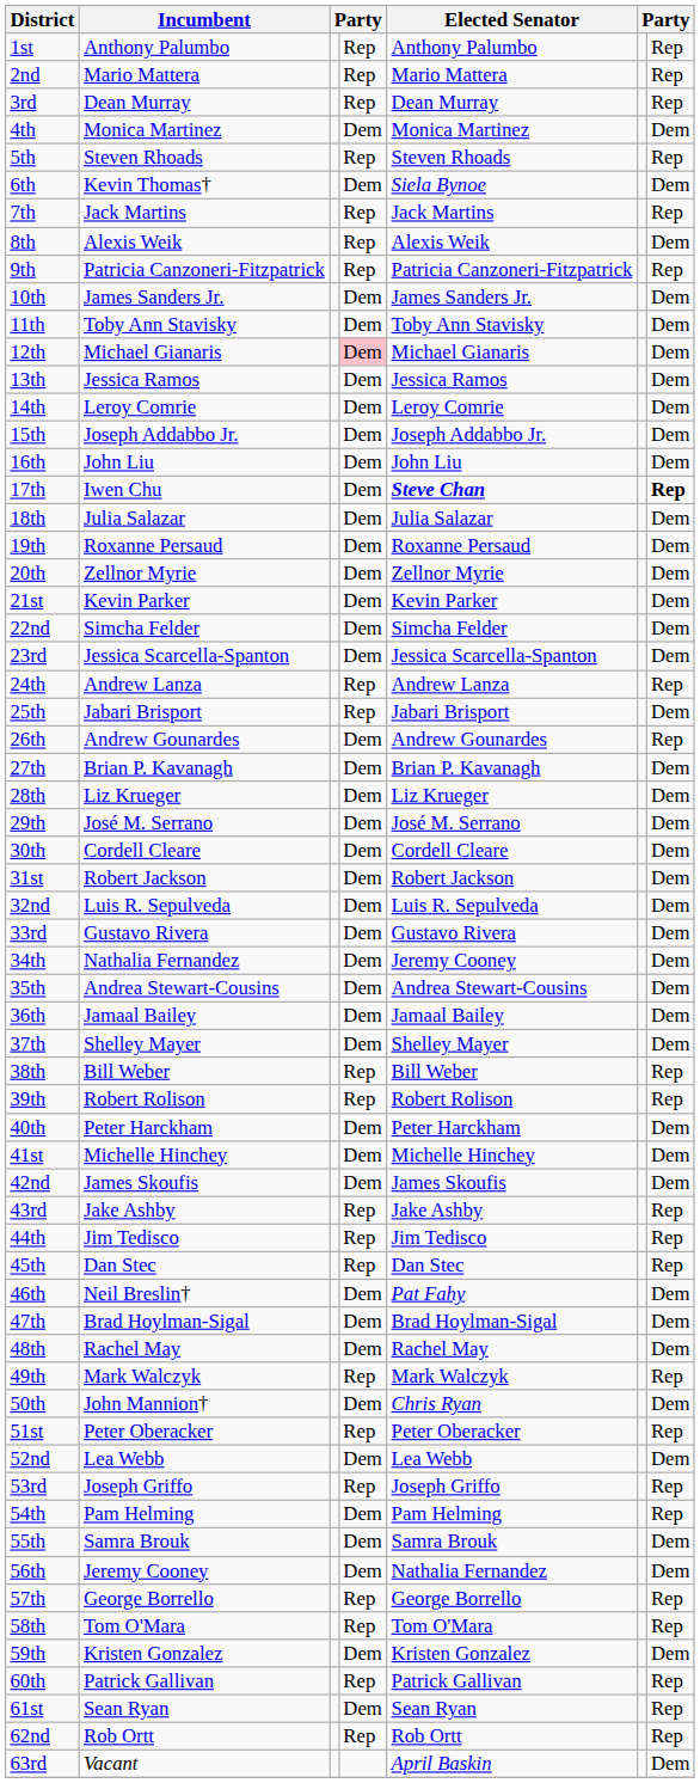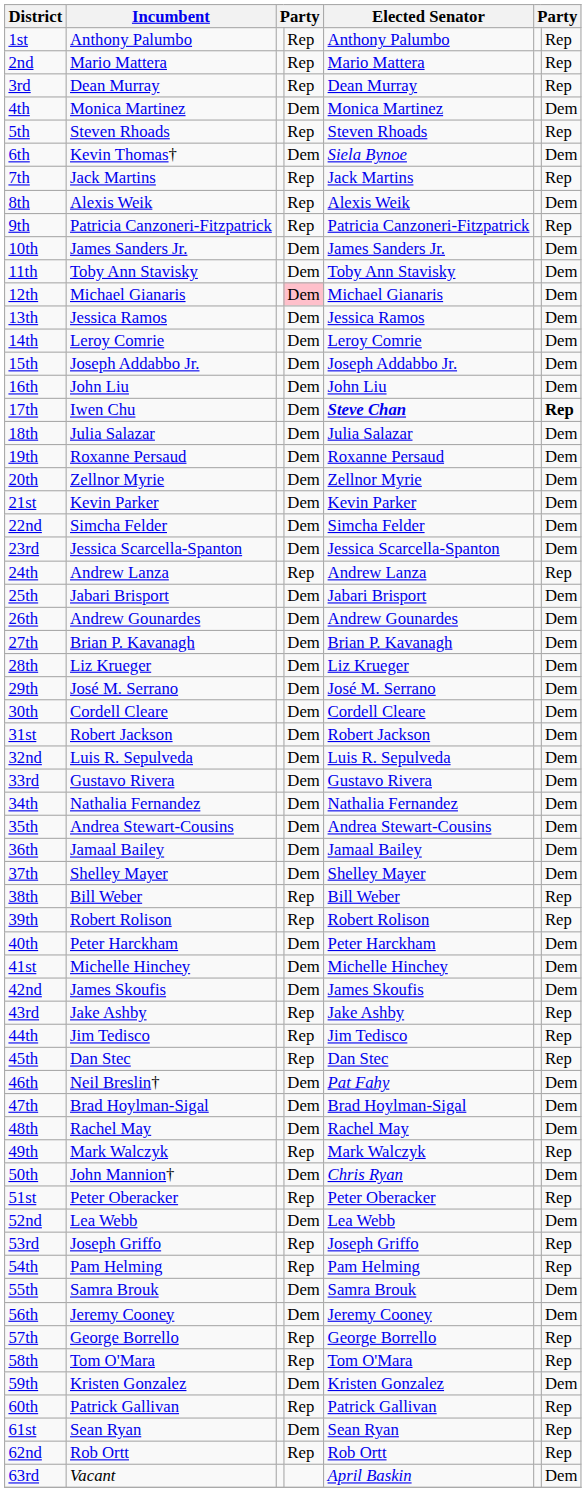 <table class="sortable wikitable" style="font-size:95%;line-height:14px;">
 <tr>
 <th>District</th>
 <th class="unsortable"><a href='#'>Incumbent</a></th>
 <th colspan="2">Party</th>
 <th class="unsortable">Elected Senator</th>
 <th colspan="2">Party</th>
 </tr>
 <tr>
 <td><a href='#'>1st</a></td>
 <td><a href='#'>Anthony Palumbo</a></td>
 <td style="background:"></td>
 <td>Rep</td>
 <td><a href='#'>Anthony Palumbo</a></td>
 <td style="background:"></td>
 <td>Rep</td>
 </tr>
 <tr>
 <td><a href='#'>2nd</a></td>
 <td><a href='#'>Mario Mattera</a></td>
 <td style="background:"></td>
 <td>Rep</td>
 <td><a href='#'>Mario Mattera</a></td>
 <td style="background:"></td>
 <td>Rep</td>
 </tr>
 <tr>
 <td><a href='#'>3rd</a></td>
 <td><a href='#'>Dean Murray</a></td>
 <td style="background:"></td>
 <td>Rep</td>
 <td><a href='#'>Dean Murray</a></td>
 <td style="background:"></td>
 <td>Rep</td>
 </tr>
 <tr>
 <td><a href='#'>4th</a></td>
 <td><a href='#'>Monica Martinez</a></td>
 <td style="background:"></td>
 <td>Dem</td>
 <td><a href='#'>Monica Martinez</a></td>
 <td style="background:"></td>
 <td>Dem</td>
 </tr>
 <tr>
 <td><a href='#'>5th</a></td>
 <td><a href='#'>Steven Rhoads</a></td>
 <td style="background:"></td>
 <td>Rep</td>
 <td><a href='#'>Steven Rhoads</a></td>
 <td style="background:"></td>
 <td>Rep</td>
 </tr>
 <tr>
 <td><a href='#'>6th</a></td>
 <td><a href='#'>Kevin Thomas</a>†</td>
 <td style="background:"></td>
 <td>Dem</td>
 <td><em><a href='#'>Siela Bynoe</a></em></td>
 <td style="background:"></td>
 <td>Dem</td>
 </tr>
 <tr>
 <td><a href='#'>7th</a></td>
 <td><a href='#'>Jack Martins</a></td>
 <td style="background:"></td>
 <td>Rep</td>
 <td><a href='#'>Jack Martins</a></td>
 <td style="background:"></td>
 <td>Rep</td>
 </tr>
 <tr>
 <td><a href='#'>8th</a></td>
 <td><a href='#'>Alexis Weik</a></td>
 <td style="background:"></td>
 <td>Rep</td>
 <td><a href='#'>Alexis Weik</a></td>
 <td style="background:"></td>
 <td>Dem</td>
 </tr>
 <tr>
 <td><a href='#'>9th</a></td>
 <td><a href='#'>Patricia Canzoneri-Fitzpatrick</a></td>
 <td style="background:"></td>
 <td>Rep</td>
 <td><a href='#'>Patricia Canzoneri-Fitzpatrick</a></td>
 <td style="background:"></td>
 <td>Rep</td>
 </tr>
 <tr>
 <td><a href='#'>10th</a></td>
 <td><a href='#'>James Sanders Jr.</a></td>
 <td style="background:"></td>
 <td>Dem</td>
 <td><a href='#'>James Sanders Jr.</a></td>
 <td style="background:"></td>
 <td>Dem</td>
 </tr>
 <tr>
 <td><a href='#'>11th</a></td>
 <td><a href='#'>Toby Ann Stavisky</a></td>
 <td style="background:"></td>
 <td>Dem</td>
 <td><a href='#'>Toby Ann Stavisky</a></td>
 <td style="background:"></td>
 <td>Dem</td>
 </tr>
 <tr>
 <td><a href='#'>12th</a></td>
 <td><a href='#'>Michael Gianaris</a></td>
 <td style="background:"></td>
 <td style="background: pink;">Dem</td>
 <td><a href='#'>Michael Gianaris</a></td>
 <td style="background:"></td>
 <td>Dem</td>
 </tr>
 <tr>
 <td><a href='#'>13th</a></td>
 <td><a href='#'>Jessica Ramos</a></td>
 <td style="background:"></td>
 <td>Dem</td>
 <td><a href='#'>Jessica Ramos</a></td>
 <td style="background:"></td>
 <td>Dem</td>
 </tr>
 <tr>
 <td><a href='#'>14th</a></td>
 <td><a href='#'>Leroy Comrie</a></td>
 <td style="background:"></td>
 <td>Dem</td>
 <td><a href='#'>Leroy Comrie</a></td>
 <td style="background:"></td>
 <td>Dem</td>
 </tr>
 <tr>
 <td><a href='#'>15th</a></td>
 <td><a href='#'>Joseph Addabbo Jr.</a></td>
 <td style="background:"></td>
 <td>Dem</td>
 <td><a href='#'>Joseph Addabbo Jr.</a></td>
 <td style="background:"></td>
 <td>Dem</td>
 </tr>
 <tr>
 <td><a href='#'>16th</a></td>
 <td><a href='#'>John Liu</a></td>
 <td style="background:"></td>
 <td>Dem</td>
 <td><a href='#'>John Liu</a></td>
 <td style="background:"></td>
 <td>Dem</td>
 </tr>
 <tr>
 <td><a href='#'>17th</a></td>
 <td><a href='#'>Iwen Chu</a></td>
 <td style="background:"></td>
 <td>Dem</td>
 <td><strong><em><a href='#'>Steve Chan</a></em></strong></td>
 <td style="background:"></td>
 <td><strong>Rep</strong></td>
 </tr>
 <tr>
 <td><a href='#'>18th</a></td>
 <td><a href='#'>Julia Salazar</a></td>
 <td style="background:"></td>
 <td>Dem</td>
 <td><a href='#'>Julia Salazar</a></td>
 <td style="background:"></td>
 <td>Dem</td>
 </tr>
 <tr>
 <td><a href='#'>19th</a></td>
 <td><a href='#'>Roxanne Persaud</a></td>
 <td style="background:"></td>
 <td>Dem</td>
 <td><a href='#'>Roxanne Persaud</a></td>
 <td style="background:"></td>
 <td>Dem</td>
 </tr>
 <tr>
 <td><a href='#'>20th</a></td>
 <td><a href='#'>Zellnor Myrie</a></td>
 <td style="background:"></td>
 <td>Dem</td>
 <td><a href='#'>Zellnor Myrie</a></td>
 <td style="background:"></td>
 <td>Dem</td>
 </tr>
 <tr>
 <td><a href='#'>21st</a></td>
 <td><a href='#'>Kevin Parker</a></td>
 <td style="background:"></td>
 <td>Dem</td>
 <td><a href='#'>Kevin Parker</a></td>
 <td style="background:"></td>
 <td>Dem</td>
 </tr>
 <tr>
 <td><a href='#'>22nd</a></td>
 <td><a href='#'>Simcha Felder</a></td>
 <td style="background:"></td>
 <td>Dem</td>
 <td><a href='#'>Simcha Felder</a></td>
 <td style="background:"></td>
 <td>Dem</td>
 </tr>
 <tr>
 <td><a href='#'>23rd</a></td>
 <td><a href='#'>Jessica Scarcella-Spanton</a></td>
 <td style="background:"></td>
 <td>Dem</td>
 <td><a href='#'>Jessica Scarcella-Spanton</a></td>
 <td style="background:"></td>
 <td>Dem</td>
 </tr>
 <tr>
 <td><a href='#'>24th</a></td>
 <td><a href='#'>Andrew Lanza</a></td>
 <td style="background:"></td>
 <td>Rep</td>
 <td><a href='#'>Andrew Lanza</a></td>
 <td style="background:"></td>
 <td>Rep</td>
 </tr>
 <tr>
 <td><a href='#'>25th</a></td>
 <td><a href='#'>Jabari Brisport</a></td>
 <td style="background:"></td>
-<td>Rep</td>
+<td>Dem</td>
 <td><a href='#'>Jabari Brisport</a></td>
 <td style="background:"></td>
 <td>Dem</td>
 </tr>
 <tr>
 <td><a href='#'>26th</a></td>
 <td><a href='#'>Andrew Gounardes</a></td>
 <td style="background:"></td>
 <td>Dem</td>
 <td><a href='#'>Andrew Gounardes</a></td>
 <td style="background:"></td>
-<td>Rep</td>
+<td>Dem</td>
 </tr>
 <tr>
 <td><a href='#'>27th</a></td>
 <td><a href='#'>Brian P. Kavanagh</a></td>
 <td style="background:"></td>
 <td>Dem</td>
 <td><a href='#'>Brian P. Kavanagh</a></td>
 <td style="background:"></td>
 <td>Dem</td>
 </tr>
 <tr>
 <td><a href='#'>28th</a></td>
 <td><a href='#'>Liz Krueger</a></td>
 <td style="background:"></td>
 <td>Dem</td>
 <td><a href='#'>Liz Krueger</a></td>
 <td style="background:"></td>
 <td>Dem</td>
 </tr>
 <tr>
 <td><a href='#'>29th</a></td>
 <td><a href='#'>José M. Serrano</a></td>
 <td style="background:"></td>
 <td>Dem</td>
 <td><a href='#'>José M. Serrano</a></td>
 <td style="background:"></td>
 <td>Dem</td>
 </tr>
 <tr>
 <td><a href='#'>30th</a></td>
 <td><a href='#'>Cordell Cleare</a></td>
 <td style="background:"></td>
 <td>Dem</td>
 <td><a href='#'>Cordell Cleare</a></td>
 <td style="background:"></td>
 <td>Dem</td>
 </tr>
 <tr>
 <td><a href='#'>31st</a></td>
 <td><a href='#'>Robert Jackson</a></td>
 <td style="background:"></td>
 <td>Dem</td>
 <td><a href='#'>Robert Jackson</a></td>
 <td style="background:"></td>
 <td>Dem</td>
 </tr>
 <tr>
 <td><a href='#'>32nd</a></td>
 <td><a href='#'>Luis R. Sepulveda</a></td>
 <td style="background:"></td>
 <td>Dem</td>
 <td><a href='#'>Luis R. Sepulveda</a></td>
 <td style="background:"></td>
 <td>Dem</td>
 </tr>
 <tr>
 <td><a href='#'>33rd</a></td>
 <td><a href='#'>Gustavo Rivera</a></td>
 <td style="background:"></td>
 <td>Dem</td>
 <td><a href='#'>Gustavo Rivera</a></td>
 <td style="background:"></td>
 <td>Dem</td>
 </tr>
 <tr>
 <td><a href='#'>34th</a></td>
 <td><a href='#'>Nathalia Fernandez</a></td>
 <td style="background:"></td>
 <td>Dem</td>
-<td><a href='#'>Jeremy Cooney</a></td>
+<td><a href='#'>Nathalia Fernandez</a></td>
 <td style="background:"></td>
 <td>Dem</td>
 </tr>
 <tr>
 <td><a href='#'>35th</a></td>
 <td><a href='#'>Andrea Stewart-Cousins</a></td>
 <td style="background:"></td>
 <td>Dem</td>
 <td><a href='#'>Andrea Stewart-Cousins</a></td>
 <td style="background:"></td>
 <td>Dem</td>
 </tr>
 <tr>
 <td><a href='#'>36th</a></td>
 <td><a href='#'>Jamaal Bailey</a></td>
 <td style="background:"></td>
 <td>Dem</td>
 <td><a href='#'>Jamaal Bailey</a></td>
 <td style="background:"></td>
 <td>Dem</td>
 </tr>
 <tr>
 <td><a href='#'>37th</a></td>
 <td><a href='#'>Shelley Mayer</a></td>
 <td style="background:"></td>
 <td>Dem</td>
 <td><a href='#'>Shelley Mayer</a></td>
 <td style="background:"></td>
 <td>Dem</td>
 </tr>
 <tr>
 <td><a href='#'>38th</a></td>
 <td><a href='#'>Bill Weber</a></td>
 <td style="background:"></td>
 <td>Rep</td>
 <td><a href='#'>Bill Weber</a></td>
 <td style="background:"></td>
 <td>Rep</td>
 </tr>
 <tr>
 <td><a href='#'>39th</a></td>
 <td><a href='#'>Robert Rolison</a></td>
 <td style="background:"></td>
 <td>Rep</td>
 <td><a href='#'>Robert Rolison</a></td>
 <td style="background:"></td>
 <td>Rep</td>
 </tr>
 <tr>
 <td><a href='#'>40th</a></td>
 <td><a href='#'>Peter Harckham</a></td>
 <td style="background:"></td>
 <td>Dem</td>
 <td><a href='#'>Peter Harckham</a></td>
 <td style="background:"></td>
 <td>Dem</td>
 </tr>
 <tr>
 <td><a href='#'>41st</a></td>
 <td><a href='#'>Michelle Hinchey</a></td>
 <td style="background:"></td>
 <td>Dem</td>
 <td><a href='#'>Michelle Hinchey</a></td>
 <td style="background:"></td>
 <td>Dem</td>
 </tr>
 <tr>
 <td><a href='#'>42nd</a></td>
 <td><a href='#'>James Skoufis</a></td>
 <td style="background:"></td>
 <td>Dem</td>
 <td><a href='#'>James Skoufis</a></td>
 <td style="background:"></td>
 <td>Dem</td>
 </tr>
 <tr>
 <td><a href='#'>43rd</a></td>
 <td><a href='#'>Jake Ashby</a></td>
 <td style="background:"></td>
 <td>Rep</td>
 <td><a href='#'>Jake Ashby</a></td>
 <td style="background:"></td>
 <td>Rep</td>
 </tr>
 <tr>
 <td><a href='#'>44th</a></td>
 <td><a href='#'>Jim Tedisco</a></td>
 <td style="background:"></td>
 <td>Rep</td>
 <td><a href='#'>Jim Tedisco</a></td>
 <td style="background:"></td>
 <td>Rep</td>
 </tr>
 <tr>
 <td><a href='#'>45th</a></td>
 <td><a href='#'>Dan Stec</a></td>
 <td style="background:"></td>
 <td>Rep</td>
 <td><a href='#'>Dan Stec</a></td>
 <td style="background:"></td>
 <td>Rep</td>
 </tr>
 <tr>
 <td><a href='#'>46th</a></td>
 <td><a href='#'>Neil Breslin</a>†</td>
 <td style="background:"></td>
 <td>Dem</td>
 <td><em><a href='#'>Pat Fahy</a></em></td>
 <td style="background:"></td>
 <td>Dem</td>
 </tr>
 <tr>
 <td><a href='#'>47th</a></td>
 <td><a href='#'>Brad Hoylman-Sigal</a></td>
 <td style="background:"></td>
 <td>Dem</td>
 <td><a href='#'>Brad Hoylman-Sigal</a></td>
 <td style="background:"></td>
 <td>Dem</td>
 </tr>
 <tr>
 <td><a href='#'>48th</a></td>
 <td><a href='#'>Rachel May</a></td>
 <td style="background:"></td>
 <td>Dem</td>
 <td><a href='#'>Rachel May</a></td>
 <td style="background:"></td>
 <td>Dem</td>
 </tr>
 <tr>
 <td><a href='#'>49th</a></td>
 <td><a href='#'>Mark Walczyk</a></td>
 <td style="background:"></td>
 <td>Rep</td>
 <td><a href='#'>Mark Walczyk</a></td>
 <td style="background:"></td>
 <td>Rep</td>
 </tr>
 <tr>
 <td><a href='#'>50th</a></td>
 <td><a href='#'>John Mannion</a>†</td>
 <td style="background:"></td>
 <td>Dem</td>
 <td><em><a href='#'>Chris Ryan</a></em></td>
 <td style="background:"></td>
 <td>Dem</td>
 </tr>
 <tr>
 <td><a href='#'>51st</a></td>
 <td><a href='#'>Peter Oberacker</a></td>
 <td style="background:"></td>
 <td>Rep</td>
 <td><a href='#'>Peter Oberacker</a></td>
 <td style="background:"></td>
 <td>Rep</td>
 </tr>
 <tr>
 <td><a href='#'>52nd</a></td>
 <td><a href='#'>Lea Webb</a></td>
 <td style="background:"></td>
 <td>Dem</td>
 <td><a href='#'>Lea Webb</a></td>
 <td style="background:"></td>
 <td>Dem</td>
 </tr>
 <tr>
 <td><a href='#'>53rd</a></td>
 <td><a href='#'>Joseph Griffo</a></td>
 <td style="background:"></td>
 <td>Rep</td>
 <td><a href='#'>Joseph Griffo</a></td>
 <td style="background:"></td>
 <td>Rep</td>
 </tr>
 <tr>
 <td><a href='#'>54th</a></td>
 <td><a href='#'>Pam Helming</a></td>
 <td style="background:"></td>
-<td>Dem</td>
+<td>Rep</td>
 <td><a href='#'>Pam Helming</a></td>
 <td style="background:"></td>
 <td>Rep</td>
 </tr>
 <tr>
 <td><a href='#'>55th</a></td>
 <td><a href='#'>Samra Brouk</a></td>
 <td style="background:"></td>
 <td>Dem</td>
 <td><a href='#'>Samra Brouk</a></td>
 <td style="background:"></td>
 <td>Dem</td>
 </tr>
 <tr>
 <td><a href='#'>56th</a></td>
 <td><a href='#'>Jeremy Cooney</a></td>
 <td style="background:"></td>
 <td>Dem</td>
-<td><a href='#'>Nathalia Fernandez</a></td>
+<td><a href='#'>Jeremy Cooney</a></td>
 <td style="background:"></td>
 <td>Dem</td>
 </tr>
 <tr>
 <td><a href='#'>57th</a></td>
 <td><a href='#'>George Borrello</a></td>
 <td style="background:"></td>
 <td>Rep</td>
 <td><a href='#'>George Borrello</a></td>
 <td style="background:"></td>
 <td>Rep</td>
 </tr>
 <tr>
 <td><a href='#'>58th</a></td>
 <td><a href='#'>Tom O'Mara</a></td>
 <td style="background:"></td>
 <td>Rep</td>
 <td><a href='#'>Tom O'Mara</a></td>
 <td style="background:"></td>
 <td>Rep</td>
 </tr>
 <tr>
 <td><a href='#'>59th</a></td>
 <td><a href='#'>Kristen Gonzalez</a></td>
 <td style="background:"></td>
 <td>Dem</td>
 <td><a href='#'>Kristen Gonzalez</a></td>
 <td style="background:"></td>
 <td>Dem</td>
 </tr>
 <tr>
 <td><a href='#'>60th</a></td>
 <td><a href='#'>Patrick Gallivan</a></td>
 <td style="background:"></td>
 <td>Rep</td>
 <td><a href='#'>Patrick Gallivan</a></td>
 <td style="background:"></td>
 <td>Rep</td>
 </tr>
 <tr>
 <td><a href='#'>61st</a></td>
 <td><a href='#'>Sean Ryan</a></td>
 <td style="background:"></td>
 <td>Dem</td>
 <td><a href='#'>Sean Ryan</a></td>
 <td style="background:"></td>
 <td>Rep</td>
 </tr>
 <tr>
 <td><a href='#'>62nd</a></td>
 <td><a href='#'>Rob Ortt</a></td>
 <td style="background:"></td>
 <td>Rep</td>
 <td><a href='#'>Rob Ortt</a></td>
 <td style="background:"></td>
 <td>Rep</td>
 </tr>
 <tr>
 <td><a href='#'>63rd</a></td>
 <td><em>Vacant</em></td>
 <td></td>
 <td></td>
 <td><em><a href='#'>April Baskin</a></em></td>
 <td style="background:"></td>
 <td>Dem</td>
 </tr>
 <tr>
 </tr>
 </table>
